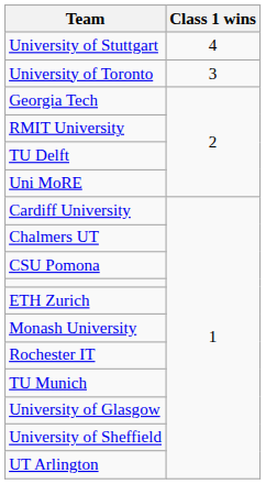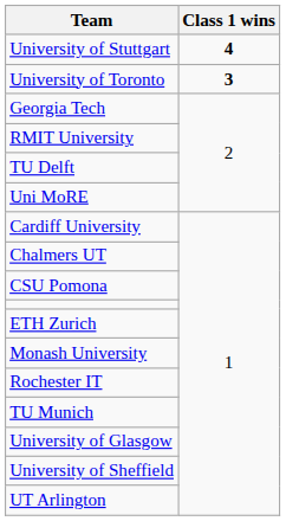 <table class="wikitable" style="font-size:85%; text-align:center;">
 <tr>
 <th>Team</th>
 <th>Class 1 wins</th>
 </tr>
 <tr>
 <td align="left"> <a href='#'>University of Stuttgart</a></td>
-<td rowspan="1">4</td>
+<td rowspan="1"><strong>4</strong></td>
 </tr>
 <tr>
 <td align="left"> <a href='#'>University of Toronto</a></td>
-<td rowspan="1">3</td>
+<td rowspan="1"><strong>3</strong></td>
 </tr>
 <tr>
 <td align="left"> <a href='#'>Georgia Tech</a></td>
 <td rowspan="4">2</td>
 </tr>
 <tr>
 <td align="left"> <a href='#'>RMIT University</a></td>
 </tr>
 <tr>
 <td align="left"> <a href='#'>TU Delft</a></td>
 </tr>
 <tr>
 <td align="left"> <a href='#'>Uni MoRE</a></td>
 </tr>
 <tr>
 <td align="left"> <a href='#'>Cardiff University</a></td>
 <td rowspan="11">1</td>
 </tr>
 <tr>
 <td align="left"> <a href='#'>Chalmers UT</a></td>
 </tr>
 <tr>
 <td align="left"> <a href='#'>CSU Pomona</a></td>
 </tr>
 <tr>
 <td> </td>
 </tr>
 <tr>
 <td align="left"> <a href='#'>ETH Zurich</a></td>
 </tr>
 <tr>
 <td align="left"> <a href='#'>Monash University</a></td>
 </tr>
 <tr>
 <td align="left"> <a href='#'>Rochester IT</a></td>
 </tr>
 <tr>
 <td align="left"> <a href='#'>TU Munich</a></td>
 </tr>
 <tr>
 <td align="left"> <a href='#'>University of Glasgow</a></td>
 </tr>
 <tr>
 <td align="left"> <a href='#'>University of Sheffield</a></td>
 </tr>
 <tr>
 <td align="left"> <a href='#'>UT Arlington</a></td>
 </tr>
 </table>
